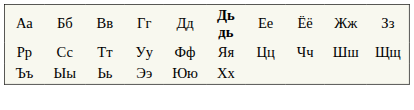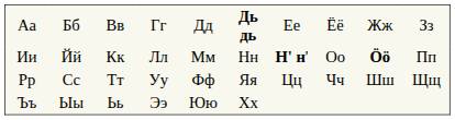 <table style="font-family:Arial Unicode MS; font-size:1.4em; border-color:#000000; border-width:1px; border-style:solid; border-collapse:collapse; text-align:right; background-color:#F8F8EF">
 <tr>
 <td style="width:3em; text-align:center; padding: 3px;">Аа</td>
 <td style="width:3em; text-align:center; padding: 3px;">Бб</td>
 <td style="width:3em; text-align:center; padding: 3px;">Вв</td>
 <td style="width:3em; text-align:center; padding: 3px;">Гг</td>
 <td style="width:3em; text-align:center; padding: 3px;">Дд</td>
 <td style="width:3em; text-align:center; padding: 3px;"><strong>Дь дь</strong></td>
 <td style="width:3em; text-align:center; padding: 3px;">Ее</td>
 <td style="width:3em; text-align:center; padding: 3px;">Ёё</td>
 <td style="width:3em; text-align:center; padding: 3px;">Жж</td>
 <td style="width:3em; text-align:center; padding: 3px;">Зз</td>
+</tr>
+<tr>
+<td style="width:3em; text-align:center; padding: 3px;">Ии</td>
+<td style="width:3em; text-align:center; padding: 3px;">Йй</td>
+<td style="width:3em; text-align:center; padding: 3px;">Кк</td>
+<td style="width:3em; text-align:center; padding: 3px;">Лл</td>
+<td style="width:3em; text-align:center; padding: 3px;">Мм</td>
+<td style="width:3em; text-align:center; padding: 3px;">Нн</td>
+<td style="width:3em; text-align:center; padding: 3px;"><strong>Н' н</strong>'</td>
+<td style="width:3em; text-align:center; padding: 3px;">Оо</td>
+<td style="width:3em; text-align:center; padding: 3px;"><strong>Ӧӧ</strong></td>
+<td style="width:3em; text-align:center; padding: 3px;">Пп</td>
 </tr>
 <tr>
 <td style="width:3em; text-align:center; padding: 3px;">Рр</td>
 <td style="width:3em; text-align:center; padding: 3px;">Сс</td>
 <td style="width:3em; text-align:center; padding: 3px;">Тт</td>
 <td style="width:3em; text-align:center; padding: 3px;">Уу</td>
 <td style="width:3em; text-align:center; padding: 3px;">Фф</td>
 <td style="width:3em; text-align:center; padding: 3px;">Яя</td>
 <td style="width:3em; text-align:center; padding: 3px;">Цц</td>
 <td style="width:3em; text-align:center; padding: 3px;">Чч</td>
 <td style="width:3em; text-align:center; padding: 3px;">Шш</td>
 <td style="width:3em; text-align:center; padding: 3px;">Щщ</td>
 </tr>
 <tr>
 <td style="width:3em; text-align:center; padding: 3px;">Ъъ</td>
 <td style="width:3em; text-align:center; padding: 3px;">Ыы</td>
 <td style="width:3em; text-align:center; padding: 3px;">Ьь</td>
 <td style="width:3em; text-align:center; padding: 3px;">Ээ</td>
 <td style="width:3em; text-align:center; padding: 3px;">Юю</td>
 <td style="width:3em; text-align:center; padding: 3px;">Хх</td>
 <td style="width:3em; text-align:center; padding: 3px;"></td>
 <td style="width:3em; text-align:center; padding: 3px;"></td>
 <td style="width:3em; text-align:center; padding: 3px;"></td>
 <td style="width:3em; text-align:center; padding: 3px;"></td>
 </tr>
 </table>
